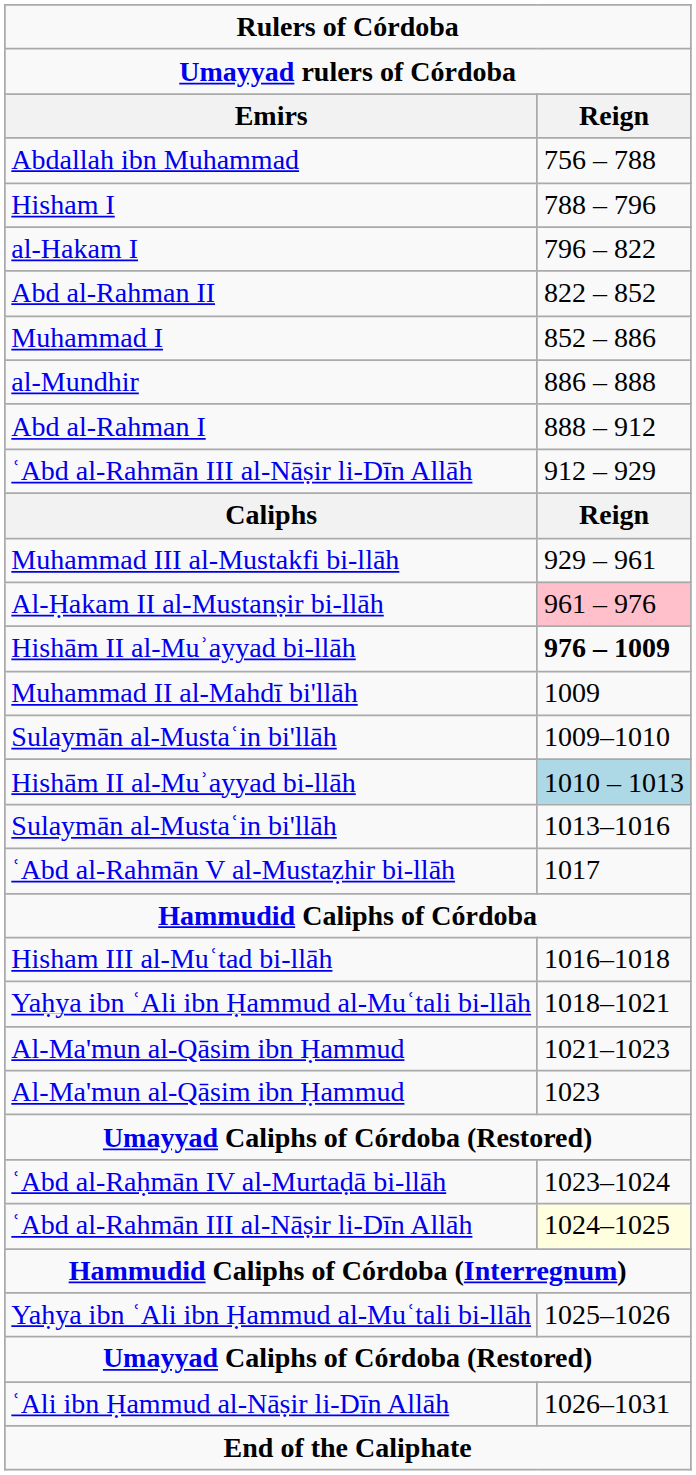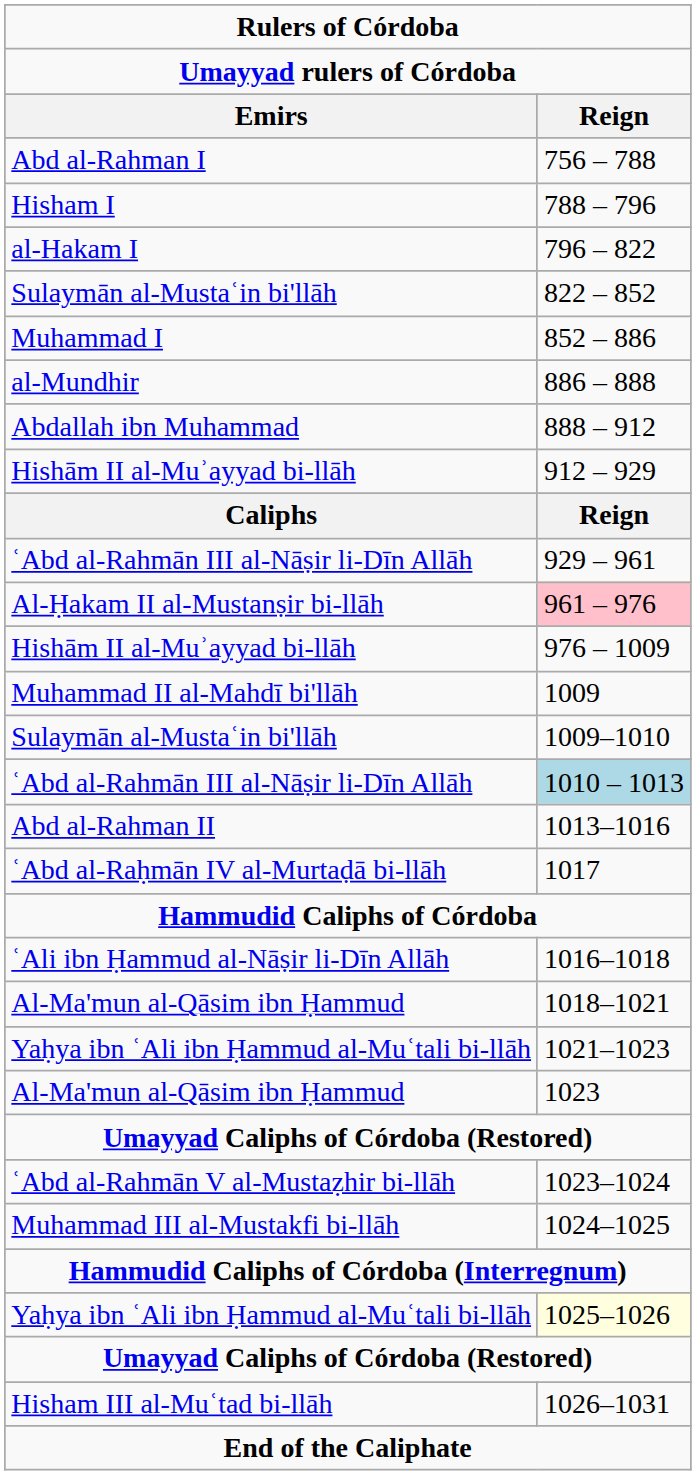 <table class="wikitable">
 <tr>
 <td colspan="2" style="text-align:center;"><strong>Rulers of Córdoba</strong></td>
 </tr>
 <tr>
 <td colspan="2" style="text-align:center;"><strong><a href='#'>Umayyad</a> rulers of Córdoba</strong></td>
 </tr>
 <tr>
 <th>Emirs</th>
 <th>Reign</th>
 </tr>
 <tr>
-<td><a href='#'>Abdallah ibn Muhammad</a></td>
+<td><a href='#'>Abd al-Rahman I</a></td>
 <td>756 – 788</td>
 </tr>
 <tr>
 <td><a href='#'>Hisham I</a></td>
 <td>788 – 796</td>
 </tr>
 <tr>
 <td><a href='#'>al-Hakam I</a></td>
 <td>796 – 822</td>
 </tr>
 <tr>
-<td><a href='#'>Abd al-Rahman II</a></td>
+<td><a href='#'>Sulaymān al-Mustaʿin bi'llāh</a></td>
 <td>822 – 852</td>
 </tr>
 <tr>
 <td><a href='#'>Muhammad I</a></td>
 <td>852 – 886</td>
 </tr>
 <tr>
 <td><a href='#'>al-Mundhir</a></td>
 <td>886 – 888</td>
 </tr>
 <tr>
-<td><a href='#'>Abd al-Rahman I</a></td>
+<td><a href='#'>Abdallah ibn Muhammad</a></td>
 <td>888 – 912</td>
 </tr>
 <tr>
-<td><a href='#'>ʿAbd al-Rahmān III al-Nāṣir li-Dīn Allāh</a></td>
+<td><a href='#'>Hishām II al-Muʾayyad bi-llāh</a></td>
 <td>912 – 929</td>
 </tr>
 <tr>
 <th>Caliphs</th>
 <th>Reign</th>
 </tr>
 <tr>
-<td><a href='#'>Muhammad III al-Mustakfi bi-llāh</a></td>
+<td><a href='#'>ʿAbd al-Rahmān III al-Nāṣir li-Dīn Allāh</a></td>
 <td>929 – 961</td>
 </tr>
 <tr>
 <td><a href='#'>Al-Ḥakam II al-Mustanṣir bi-llāh</a></td>
 <td style="background: pink;">961 – 976</td>
 </tr>
 <tr>
 <td><a href='#'>Hishām II al-Muʾayyad bi-llāh</a></td>
-<td><strong>976 – 1009</strong></td>
+<td>976 – 1009</td>
 </tr>
 <tr>
 <td><a href='#'>Muhammad II al-Mahdī bi'llāh</a></td>
 <td>1009</td>
 </tr>
 <tr>
 <td><a href='#'>Sulaymān al-Mustaʿin bi'llāh</a></td>
 <td>1009–1010</td>
 </tr>
 <tr>
-<td><a href='#'>Hishām II al-Muʾayyad bi-llāh</a></td>
+<td><a href='#'>ʿAbd al-Rahmān III al-Nāṣir li-Dīn Allāh</a></td>
 <td style="background: lightblue;">1010 – 1013</td>
 </tr>
 <tr>
-<td><a href='#'>Sulaymān al-Mustaʿin bi'llāh</a></td>
+<td><a href='#'>Abd al-Rahman II</a></td>
 <td>1013–1016</td>
 </tr>
 <tr>
-<td><a href='#'>ʿAbd al-Rahmān V al-Mustaẓhir bi-llāh</a></td>
+<td><a href='#'>ʿAbd al-Raḥmān IV al-Murtaḍā bi-llāh</a></td>
 <td>1017</td>
 </tr>
 <tr>
 <td colspan="2" style="text-align:center;"><strong><a href='#'>Hammudid</a> Caliphs of Córdoba</strong></td>
 </tr>
 <tr>
-<td><a href='#'>Hisham III al-Muʿtad bi-llāh</a></td>
+<td><a href='#'>ʿAli ibn Ḥammud al-Nāṣir li-Dīn Allāh</a></td>
 <td>1016–1018</td>
 </tr>
 <tr>
-<td><a href='#'>Yaḥya ibn ʿAli ibn Ḥammud al-Muʿtali bi-llāh</a></td>
+<td><a href='#'>Al-Ma'mun al-Qāsim ibn Ḥammud</a></td>
 <td>1018–1021</td>
 </tr>
 <tr>
-<td><a href='#'>Al-Ma'mun al-Qāsim ibn Ḥammud</a></td>
+<td><a href='#'>Yaḥya ibn ʿAli ibn Ḥammud al-Muʿtali bi-llāh</a></td>
 <td>1021–1023</td>
 </tr>
 <tr>
 <td><a href='#'>Al-Ma'mun al-Qāsim ibn Ḥammud</a></td>
 <td>1023</td>
 </tr>
 <tr>
 <td colspan="2" style="text-align:center;"><strong><a href='#'>Umayyad</a> Caliphs of Córdoba (Restored)</strong></td>
 </tr>
 <tr>
-<td><a href='#'>ʿAbd al-Raḥmān IV al-Murtaḍā bi-llāh</a></td>
+<td><a href='#'>ʿAbd al-Rahmān V al-Mustaẓhir bi-llāh</a></td>
 <td>1023–1024</td>
 </tr>
 <tr>
-<td><a href='#'>ʿAbd al-Rahmān III al-Nāṣir li-Dīn Allāh</a></td>
-<td style="background: lightyellow;">1024–1025</td>
+<td><a href='#'>Muhammad III al-Mustakfi bi-llāh</a></td>
+<td>1024–1025</td>
 </tr>
 <tr>
 <td colspan="2" style="text-align:center;"><strong><a href='#'>Hammudid</a> Caliphs of Córdoba (<a href='#'>Interregnum</a>)</strong></td>
 </tr>
 <tr>
 <td><a href='#'>Yaḥya ibn ʿAli ibn Ḥammud al-Muʿtali bi-llāh</a></td>
-<td>1025–1026</td>
+<td style="background: lightyellow;">1025–1026</td>
 </tr>
 <tr>
 <td colspan="2" style="text-align:center;"><strong><a href='#'>Umayyad</a> Caliphs of Córdoba (Restored)</strong></td>
 </tr>
 <tr>
-<td><a href='#'>ʿAli ibn Ḥammud al-Nāṣir li-Dīn Allāh</a></td>
+<td><a href='#'>Hisham III al-Muʿtad bi-llāh</a></td>
 <td>1026–1031</td>
 </tr>
 <tr>
 <td colspan="2" style="text-align:center;"><strong>End of the Caliphate</strong></td>
 </tr>
 </table>
